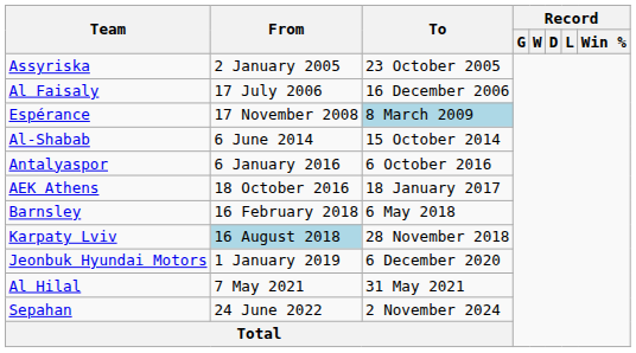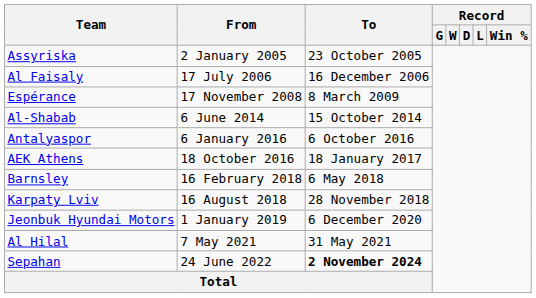 <table class="wikitable" style="text-align: center">
 <tr>
 <th rowspan="2">Team</th>
 <th rowspan="2">From</th>
 <th rowspan="2">To</th>
 <th colspan="5">Record</th>
 </tr>
 <tr>
 <th>G</th>
 <th>W</th>
 <th>D</th>
 <th>L</th>
 <th>Win %</th>
 </tr>
 <tr>
 <td align=left><a href='#'>Assyriska</a></td>
 <td align=left>2 January 2005</td>
 <td align=left>23 October 2005<br></td>
 </tr>
 <tr>
 <td align=left><a href='#'>Al Faisaly</a></td>
 <td align=left>17 July 2006</td>
 <td align=left>16 December 2006<br></td>
 </tr>
 <tr>
 <td align=left><a href='#'>Espérance</a></td>
 <td align=left>17 November 2008</td>
-<td align=left style="background: lightblue;">8 March 2009<br></td>
+<td align=left>8 March 2009<br></td>
 </tr>
 <tr>
 <td align=left><a href='#'>Al-Shabab</a></td>
 <td align=left>6 June 2014</td>
 <td align=left>15 October 2014<br></td>
 </tr>
 <tr>
 <td align=left><a href='#'>Antalyaspor</a></td>
 <td align=left>6 January 2016</td>
 <td align=left>6 October 2016<br></td>
 </tr>
 <tr>
 <td align=left><a href='#'>AEK Athens</a></td>
 <td align=left>18 October 2016</td>
 <td align=left>18 January 2017<br></td>
 </tr>
 <tr>
 <td align=left><a href='#'>Barnsley</a></td>
 <td align=left>16 February 2018</td>
 <td align=left>6 May 2018<br></td>
 </tr>
 <tr>
 <td align=left><a href='#'>Karpaty Lviv</a></td>
-<td align=left style="background: lightblue;">16 August 2018</td>
+<td align=left>16 August 2018</td>
 <td align=left>28 November 2018<br></td>
 </tr>
 <tr>
 <td align=left><a href='#'>Jeonbuk Hyundai Motors</a></td>
 <td align=left>1 January 2019</td>
 <td align=left>6 December 2020<br></td>
 </tr>
 <tr>
 <td align=left><a href='#'>Al Hilal</a></td>
 <td align=left>7 May 2021</td>
 <td align=left>31 May 2021<br></td>
 </tr>
 <tr>
 <td align=left><a href='#'>Sepahan</a></td>
 <td align=left>24 June 2022</td>
-<td align=left>2 November 2024<br></td>
+<td align=left><strong>2 November 2024<br></strong></td>
 </tr>
 <tr>
 <th colspan="3"><strong>Total</strong><br></th>
 </tr>
 </table>
